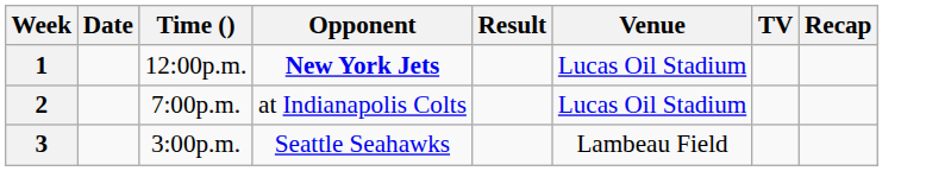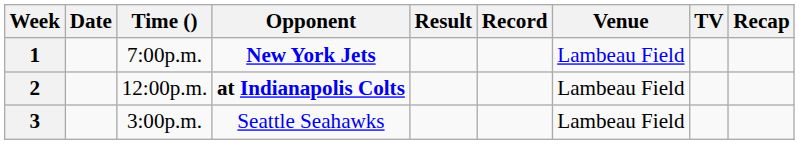 <table class="wikitable" style="text-align:center">
 <tr>
 <th>Week</th>
 <th>Date</th>
 <th>Time (<a href='#'></a>)</th>
 <th>Opponent</th>
 <th>Result</th>
+<th>Record</th>
 <th>Venue</th>
 <th>TV</th>
 <th>Recap</th>
 </tr>
 <tr>
 <th>1</th>
 <td></td>
-<td>12:00p.m.</td>
+<td>7:00p.m.</td>
 <td><strong><a href='#'>New York Jets</a></strong></td>
 <td></td>
-<td><a href='#'>Lucas Oil Stadium</a></td>
+<td></td>
+<td><a href='#'>Lambeau Field</a></td>
 <td></td>
 <td></td>
 </tr>
 <tr>
 <th>2</th>
 <td></td>
-<td>7:00p.m.</td>
-<td>at <a href='#'>Indianapolis Colts</a></td>
+<td>12:00p.m.</td>
+<td><strong>at <a href='#'>Indianapolis Colts</a></strong></td>
 <td></td>
-<td><a href='#'>Lucas Oil Stadium</a></td>
+<td></td>
+<td>Lambeau Field</td>
 <td></td>
 <td></td>
 </tr>
 <tr>
 <th>3</th>
 <td></td>
 <td>3:00p.m.</td>
 <td><a href='#'>Seattle Seahawks</a></td>
 <td></td>
+<td></td>
 <td>Lambeau Field</td>
 <td></td>
 <td></td>
 </tr>
 </table>
